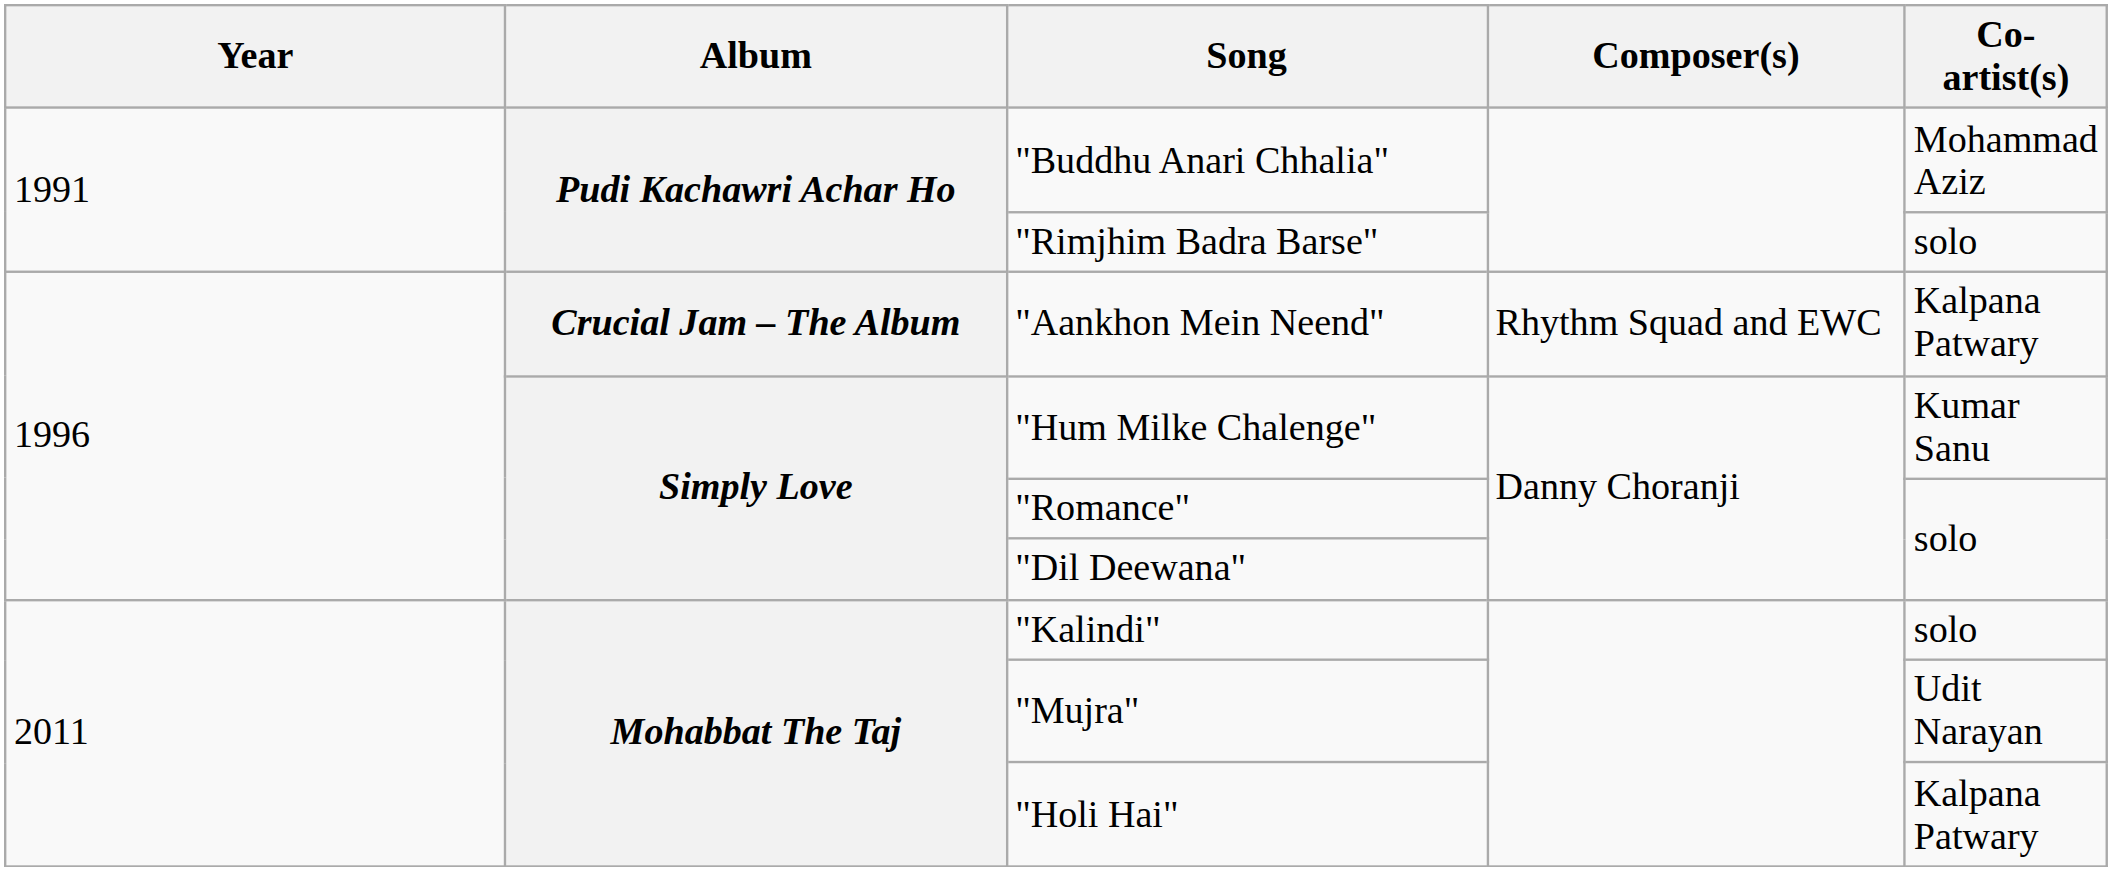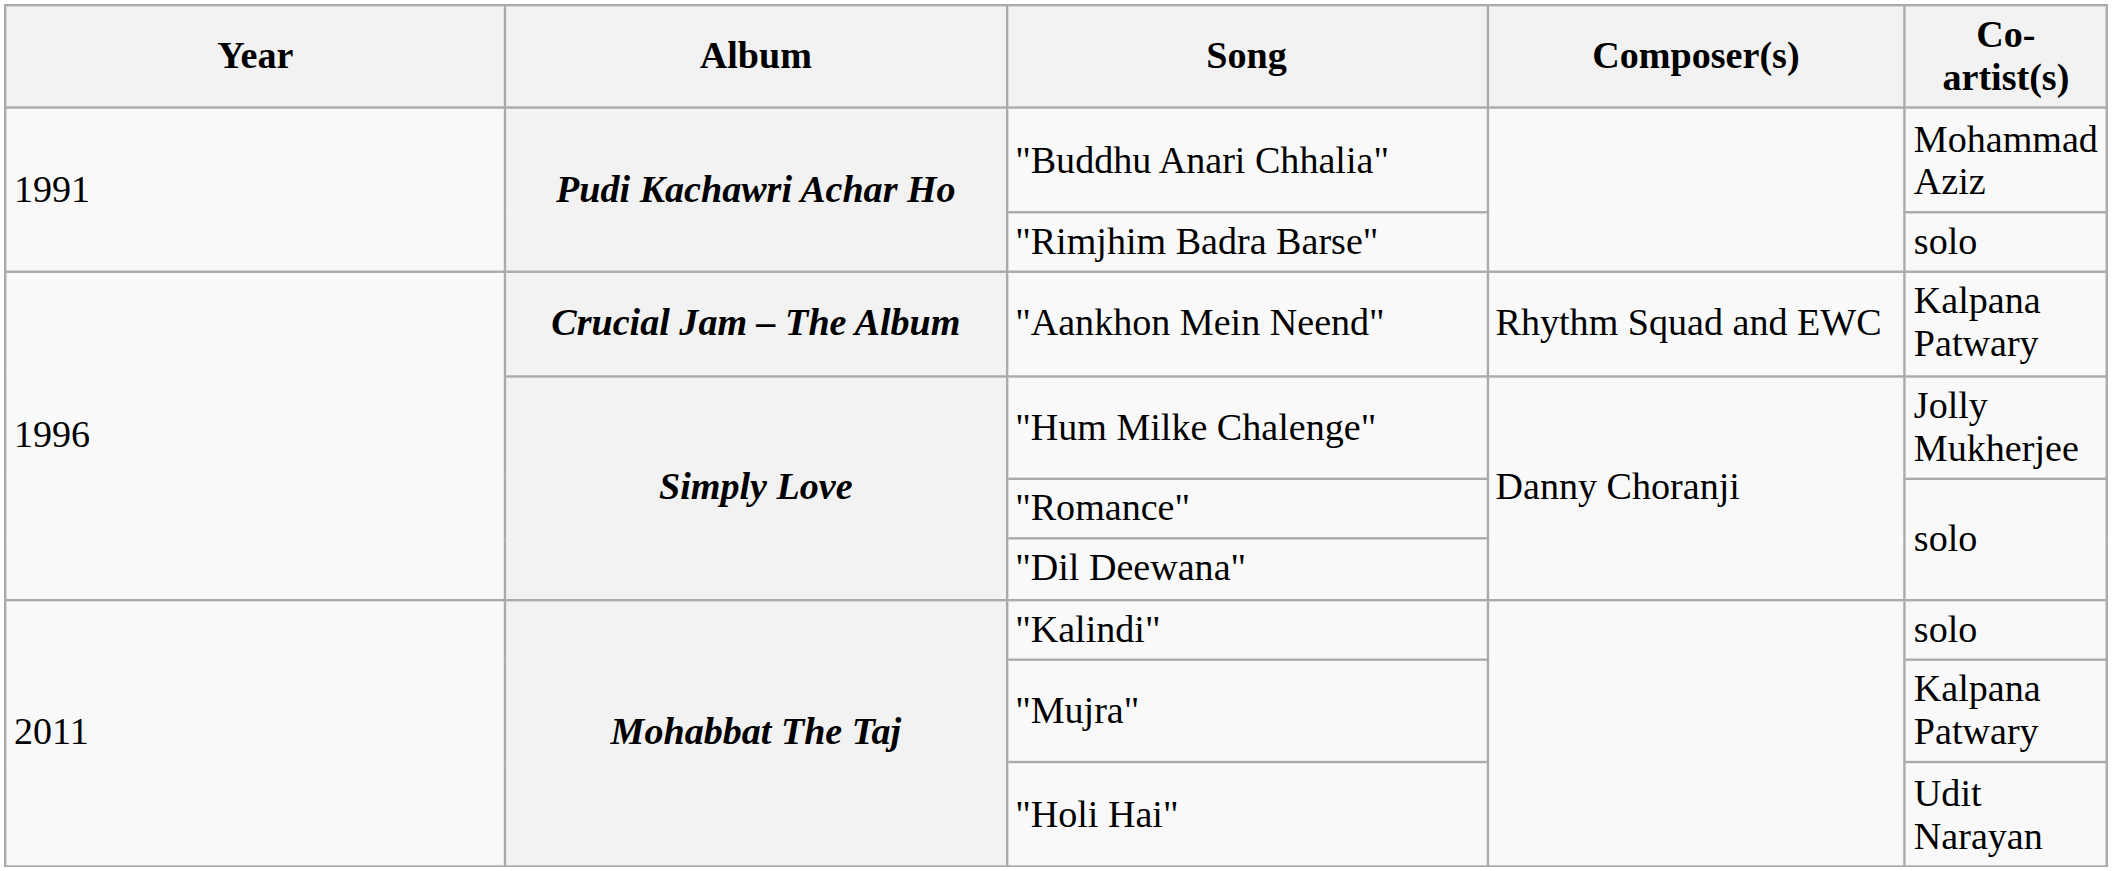 <table class="wikitable plainrowheaders" style="width:100%; textcolor:#000">
 <tr>
 <th scope="col" style="width:24%;">Year</th>
 <th scope="col" style="width:24%;">Album</th>
 <th scope="col" style="width:23%;">Song</th>
 <th scope="col" style="width:20%;">Composer(s)</th>
 <th scope="col" style="width:18%;">Co-artist(s)</th>
 </tr>
 <tr>
 <td rowspan=2>1991</td>
 <th rowspan=2><em>Pudi Kachawri Achar Ho</em></th>
 <td>"Buddhu Anari Chhalia"</td>
 <td rowspan=2></td>
 <td>Mohammad Aziz</td>
 </tr>
 <tr>
 <td>"Rimjhim Badra Barse"</td>
 <td>solo</td>
 </tr>
 <tr>
 <td rowspan=4>1996</td>
 <th><em>Crucial Jam – The Album</em></th>
 <td>"Aankhon Mein Neend"</td>
 <td>Rhythm Squad and EWC</td>
 <td>Kalpana Patwary</td>
 </tr>
 <tr>
 <th rowspan=3><em>Simply Love</em></th>
 <td>"Hum Milke Chalenge"</td>
 <td rowspan=3>Danny Choranji</td>
-<td>Kumar Sanu</td>
+<td>Jolly Mukherjee</td>
 </tr>
 <tr>
 <td>"Romance"</td>
 <td rowspan=2>solo</td>
 </tr>
 <tr>
 <td>"Dil Deewana"</td>
 </tr>
 <tr>
 <td rowspan=3>2011</td>
 <th rowspan=3><em>Mohabbat The Taj</em></th>
 <td>"Kalindi"</td>
 <td rowspan=3></td>
 <td>solo</td>
 </tr>
 <tr>
 <td>"Mujra"</td>
-<td>Udit Narayan</td>
+<td>Kalpana Patwary</td>
 </tr>
 <tr>
 <td>"Holi Hai"</td>
-<td>Kalpana Patwary</td>
+<td>Udit Narayan</td>
 </tr>
 <tr>
 </tr>
 </table>
